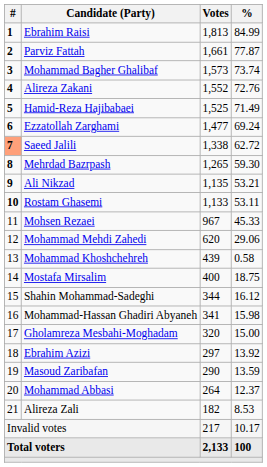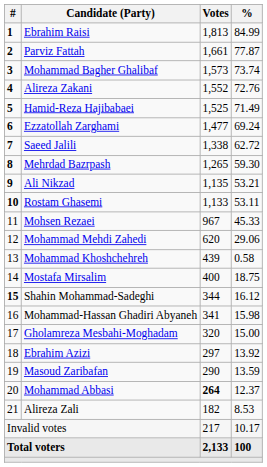 <table class="wikitable" style="font-size: 85%;">
 <tr>
 <th>#</th>
 <th>Candidate (Party)</th>
 <th>Votes</th>
 <th>%</th>
 </tr>
 <tr>
 <td><strong>1</strong></td>
 <td><a href='#'>Ebrahim Raisi</a> </td>
 <td>1,813</td>
 <td>84.99</td>
 </tr>
 <tr>
 <td><strong>2</strong></td>
 <td><a href='#'>Parviz Fattah</a> </td>
 <td>1,661</td>
 <td>77.87</td>
 </tr>
 <tr>
 <td><strong>3</strong></td>
 <td><a href='#'>Mohammad Bagher Ghalibaf</a> </td>
 <td>1,573</td>
 <td>73.74</td>
 </tr>
 <tr>
 <td><strong>4</strong></td>
 <td><a href='#'>Alireza Zakani</a> </td>
 <td>1,552</td>
 <td>72.76</td>
 </tr>
 <tr>
 <td><strong>5</strong></td>
 <td><a href='#'>Hamid-Reza Hajibabaei</a> </td>
 <td>1,525</td>
 <td>71.49</td>
 </tr>
 <tr>
 <td><strong>6</strong></td>
 <td><a href='#'>Ezzatollah Zarghami</a></td>
 <td>1,477</td>
 <td>69.24</td>
 </tr>
 <tr>
-<td style="background: lightsalmon;"><strong>7</strong></td>
+<td><strong>7</strong></td>
 <td><a href='#'>Saeed Jalili</a> </td>
 <td>1,338</td>
 <td>62.72</td>
 </tr>
 <tr>
 <td><strong>8</strong></td>
 <td><a href='#'>Mehrdad Bazrpash</a> </td>
 <td>1,265</td>
 <td>59.30</td>
 </tr>
 <tr>
 <td><strong>9</strong></td>
 <td><a href='#'>Ali Nikzad</a> </td>
 <td>1,135</td>
 <td>53.21</td>
 </tr>
 <tr>
 <td><strong>10</strong></td>
 <td><a href='#'>Rostam Ghasemi</a> </td>
 <td>1,133</td>
 <td>53.11</td>
 </tr>
 <tr>
 <td>11</td>
 <td><a href='#'>Mohsen Rezaei</a> </td>
 <td>967</td>
 <td>45.33</td>
 </tr>
 <tr>
 <td>12</td>
 <td><a href='#'>Mohammad Mehdi Zahedi</a> </td>
 <td>620</td>
 <td>29.06</td>
 </tr>
 <tr>
 <td>13</td>
 <td><a href='#'>Mohammad Khoshchehreh</a></td>
 <td>439</td>
 <td>0.58</td>
 </tr>
 <tr>
 <td>14</td>
 <td><a href='#'>Mostafa Mirsalim</a> </td>
 <td>400</td>
 <td>18.75</td>
 </tr>
 <tr>
-<td>15</td>
+<td><strong>15</strong></td>
 <td>Shahin Mohammad-Sadeghi</td>
 <td>344</td>
 <td>16.12</td>
 </tr>
 <tr>
 <td>16</td>
 <td>Mohammad-Hassan Ghadiri Abyaneh</td>
 <td>341</td>
 <td>15.98</td>
 </tr>
 <tr>
 <td>17</td>
 <td><a href='#'>Gholamreza Mesbahi-Moghadam</a> </td>
 <td>320</td>
 <td>15.00</td>
 </tr>
 <tr>
 <td>18</td>
 <td><a href='#'>Ebrahim Azizi</a> </td>
 <td>297</td>
 <td>13.92</td>
 </tr>
 <tr>
 <td>19</td>
 <td><a href='#'>Masoud Zaribafan</a> </td>
 <td>290</td>
 <td>13.59</td>
 </tr>
 <tr>
 <td>20</td>
 <td><a href='#'>Mohammad Abbasi</a> </td>
-<td>264</td>
+<td><strong>264</strong></td>
 <td>12.37</td>
 </tr>
 <tr>
 <td>21</td>
 <td>Alireza Zali </td>
 <td>182</td>
 <td>8.53</td>
 </tr>
 <tr style="background:#f6f6f6;">
 <td colspan="2">Invalid votes</td>
 <td>217</td>
 <td>10.17</td>
 </tr>
 <tr style="background:#e9e9e9;">
 <td colspan="2"><strong>Total voters</strong></td>
 <td><strong>2,133</strong></td>
 <td><strong>100</strong></td>
 </tr>
 <tr style="background:#e9e9e9;">
 <td colspan="4"></td>
 </tr>
 </table>
